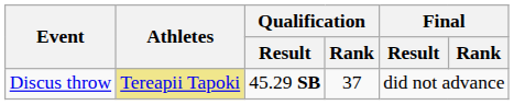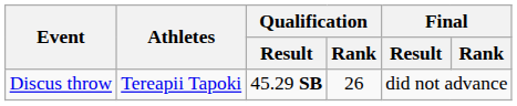 <table class="wikitable" border="1" style="font-size:90%">
 <tr>
 <th rowspan="2">Event</th>
 <th rowspan="2">Athletes</th>
 <th colspan="2">Qualification</th>
 <th colspan="2">Final</th>
 </tr>
 <tr>
 <th>Result</th>
 <th>Rank</th>
 <th>Result</th>
 <th>Rank</th>
 </tr>
 <tr>
 <td><a href='#'>Discus throw</a></td>
-<td style="background: khaki;"><a href='#'>Tereapii Tapoki</a></td>
+<td><a href='#'>Tereapii Tapoki</a></td>
 <td align=center>45.29 <strong>SB</strong></td>
-<td align=center>37</td>
+<td align=center>26</td>
 <td align=center colspan="2">did not advance</td>
 </tr>
 </table>
